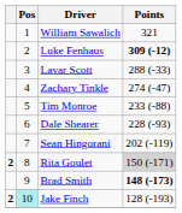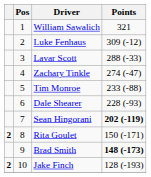 <table class="wikitable" style="font-size: 95%;">
 <tr>
 <th></th>
 <th>Pos</th>
 <th>Driver</th>
 <th>Points</th>
 </tr>
 <tr>
 <td align="left"></td>
 <td style="text-align:center;">1</td>
 <td><a href='#'>William Sawalich</a></td>
 <td style="text-align:center;">321</td>
 </tr>
 <tr>
 <td align="left"></td>
 <td style="text-align:center;">2</td>
 <td><a href='#'>Luke Fenhaus</a></td>
-<td style="text-align:center;"><strong>309 (-12)</strong></td>
+<td style="text-align:center;">309 (-12)</td>
 </tr>
 <tr>
 <td align="left"></td>
 <td style="text-align:center;">3</td>
 <td><a href='#'>Lavar Scott</a></td>
 <td style="text-align:center;">288 (-33)</td>
 </tr>
 <tr>
 <td align="left"></td>
 <td style="text-align:center;">4</td>
 <td><a href='#'>Zachary Tinkle</a></td>
 <td style="text-align:center;">274 (-47)</td>
 </tr>
 <tr>
 <td align="left"></td>
 <td style="text-align:center;">5</td>
 <td><a href='#'>Tim Monroe</a></td>
 <td style="text-align:center;">233 (-88)</td>
 </tr>
 <tr>
 <td align="left"></td>
 <td style="text-align:center;">6</td>
 <td><a href='#'>Dale Shearer</a></td>
 <td style="text-align:center;">228 (-93)</td>
 </tr>
 <tr>
 <td align="left"></td>
 <td style="text-align:center;">7</td>
 <td><a href='#'>Sean Hingorani</a></td>
-<td style="text-align:center;">202 (-119)</td>
+<td style="text-align:center;"><strong>202 (-119)</strong></td>
 </tr>
 <tr>
 <td align="left"> <strong>2</strong></td>
 <td style="text-align:center;">8</td>
 <td><a href='#'>Rita Goulet</a></td>
-<td style="background: lightgrey; text-align:center;">150 (-171)</td>
+<td style="text-align:center;">150 (-171)</td>
 </tr>
 <tr>
 <td align="left"></td>
 <td style="text-align:center;">9</td>
 <td><a href='#'>Brad Smith</a></td>
 <td style="text-align:center;"><strong>148 (-173)</strong></td>
 </tr>
 <tr>
 <td align="left"> <strong>2</strong></td>
-<td style="background: paleturquoise; text-align:center;">10</td>
+<td style="text-align:center;">10</td>
 <td><a href='#'>Jake Finch</a></td>
 <td style="text-align:center;">128 (-193)</td>
 </tr>
 <tr class="sortbottom">
 </tr>
 </table>
